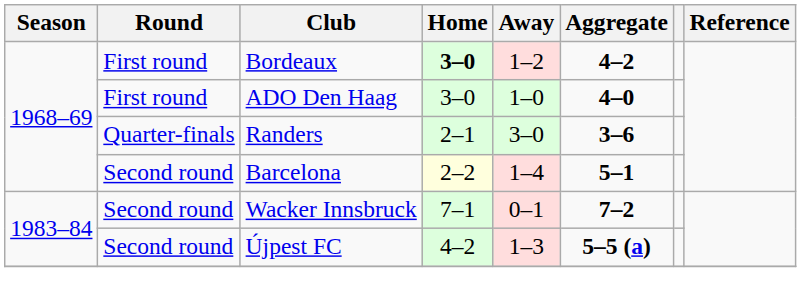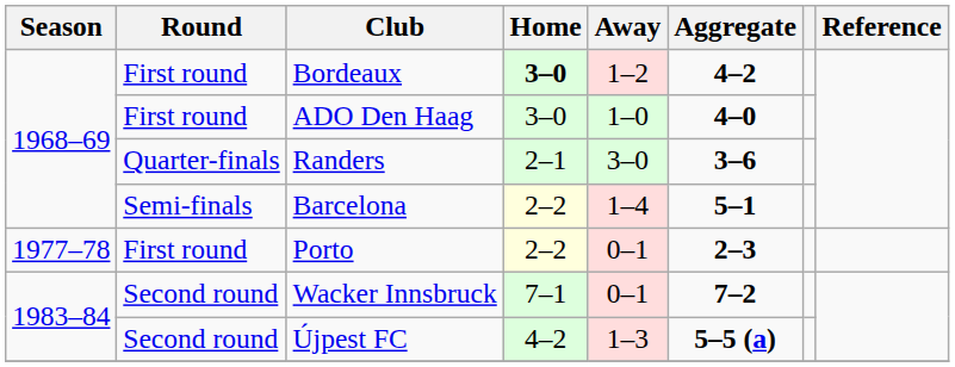 <table class="wikitable" style="text-align:left">
 <tr>
 <th>Season</th>
 <th>Round</th>
 <th>Club</th>
 <th>Home</th>
 <th>Away</th>
 <th>Aggregate</th>
 <th></th>
 <th>Reference</th>
 </tr>
 <tr>
 <td rowspan="4"><a href='#'>1968–69</a></td>
 <td><a href='#'>First round</a></td>
 <td> <a href='#'>Bordeaux</a></td>
 <td style="text-align:center; background:#dfd;"><strong>3–0</strong></td>
 <td style="text-align:center; background:#fdd;">1–2</td>
 <td style="text-align:center;"><strong>4–2</strong></td>
 <td></td>
 <td rowspan=4 style="text-align:center;"></td>
 </tr>
 <tr>
 <td><a href='#'>First round</a></td>
 <td> <a href='#'>ADO Den Haag</a></td>
 <td style="text-align:center; background:#dfd;">3–0</td>
 <td style="text-align:center; background:#dfd;">1–0</td>
 <td style="text-align:center;"><strong>4–0</strong></td>
 <td></td>
 </tr>
 <tr>
 <td><a href='#'>Quarter-finals</a></td>
 <td> <a href='#'>Randers</a></td>
 <td style="text-align:center; background:#dfd;">2–1</td>
 <td style="text-align:center; background:#dfd;">3–0</td>
 <td style="text-align:center;"><strong>3–6</strong></td>
 <td></td>
 </tr>
 <tr>
-<td><a href='#'>Second round</a></td>
+<td><a href='#'>Semi-finals</a></td>
 <td> <a href='#'>Barcelona</a></td>
 <td style="text-align:center; background:#ffd;">2–2</td>
 <td style="text-align:center; background:#fdd;">1–4</td>
 <td style="text-align:center;"><strong>5–1</strong></td>
 <td></td>
+</tr>
+<tr>
+<td><a href='#'>1977–78</a></td>
+<td><a href='#'>First round</a></td>
+<td> <a href='#'>Porto</a></td>
+<td style="text-align:center; background:#ffd;">2–2</td>
+<td style="text-align:center; background:#fdd;">0–1</td>
+<td style="text-align:center;"><strong>2–3</strong></td>
+<td></td>
+<td style="text-align:center;"></td>
 </tr>
 <tr>
 <td rowspan="2"><a href='#'>1983–84</a></td>
 <td><a href='#'>Second round</a></td>
 <td> <a href='#'>Wacker Innsbruck</a></td>
 <td style="text-align:center; background:#dfd;">7–1</td>
 <td style="text-align:center; background:#fdd;">0–1</td>
 <td style="text-align:center;"><strong>7–2</strong></td>
 <td></td>
 <td rowspan=2 style="text-align:center;"></td>
 </tr>
 <tr>
 <td><a href='#'>Second round</a></td>
 <td> <a href='#'>Újpest FC</a></td>
 <td style="text-align:center; background:#dfd;">4–2</td>
 <td style="text-align:center; background:#fdd;">1–3</td>
 <td style="text-align:center;"><strong>5–5 (<a href='#'>a</a>)</strong></td>
 <td></td>
 </tr>
 <tr>
 </tr>
 </table>
